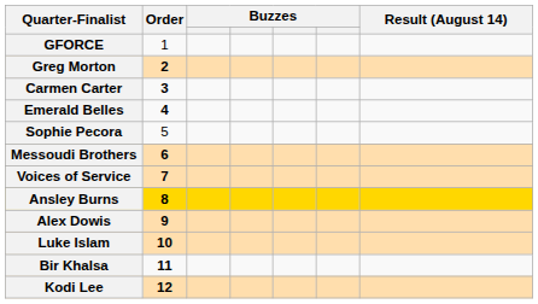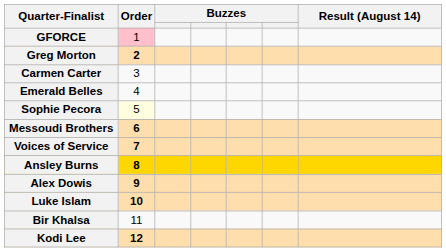 <table class="wikitable plainrowheaders sortable" style="text-align:center;">
 <tr>
 <th scope="col" rowspan="2" class="unsortable" style="width:17em;">Quarter-Finalist</th>
 <th scope="col" rowspan="2" style="width:1em;">Order</th>
 <th scope="col" colspan="4" class="unsortable" style="width:24em;">Buzzes </th>
 <th scope="col" rowspan="2" style="width:25em;">Result (August 14) </th>
 </tr>
 <tr>
 <th scope="col" class="unsortable" style="width:6em;"></th>
 <th scope="col" class="unsortable" style="width:6em;"></th>
 <th scope="col" class="unsortable" style="width:6em;"></th>
 <th scope="col" class="unsortable" style="width:6em;"></th>
 </tr>
 <tr>
 <th scope="row">GFORCE</th>
-<td>1</td>
+<td style="background: pink;">1</td>
 <td style="text-align:center;"></td>
 <td style="text-align:center;"></td>
 <td style="text-align:center;"></td>
 <td style="text-align:center;"></td>
 <td></td>
 </tr>
 <tr style="background:NavajoWhite">
 <th scope="row"><strong>Greg Morton</strong></th>
 <td><strong>2</strong></td>
 <td style="text-align:center;"></td>
 <td style="text-align:center;"></td>
 <td style="text-align:center;"></td>
 <td style="text-align:center;"></td>
 <td><strong></strong></td>
 </tr>
 <tr>
 <th scope="row">Carmen Carter</th>
-<td><strong>3</strong></td>
+<td>3</td>
 <td style="text-align:center;"></td>
 <td style="text-align:center;"></td>
 <td style="text-align:center;"></td>
 <td style="text-align:center;"></td>
 <td></td>
 </tr>
 <tr>
 <th scope="row">Emerald Belles</th>
-<td><strong>4</strong></td>
+<td>4</td>
 <td style="text-align:center;"></td>
 <td style="text-align:center;"></td>
 <td style="text-align:center;"></td>
 <td style="text-align:center;"></td>
 <td></td>
 </tr>
 <tr>
 <th scope="row">Sophie Pecora</th>
-<td>5</td>
+<td style="background: lightyellow;">5</td>
 <td style="text-align:center;"></td>
 <td style="text-align:center;"></td>
 <td style="text-align:center;"></td>
 <td style="text-align:center;"></td>
 <td></td>
 </tr>
 <tr style="background:NavajoWhite">
 <th scope="row"><strong>Messoudi Brothers</strong></th>
 <td><strong>6</strong></td>
 <td style="text-align:center;"></td>
 <td style="text-align:center;"></td>
 <td style="text-align:center;"></td>
 <td style="text-align:center;"></td>
 <td><strong></strong></td>
 </tr>
 <tr style="background:NavajoWhite">
 <th scope="row"><strong>Voices of Service</strong></th>
 <td><strong>7</strong></td>
 <td style="text-align:center;"></td>
 <td style="text-align:center;"></td>
 <td style="text-align:center;"></td>
 <td style="text-align:center;"></td>
 <td><strong></strong></td>
 </tr>
 <tr style="background:gold">
 <th scope="row"><strong>Ansley Burns</strong></th>
 <td><strong>8</strong></td>
 <td style="text-align:center;"></td>
 <td style="text-align:center;"></td>
 <td style="text-align:center;"></td>
 <td style="text-align:center;"></td>
 <td><strong></strong></td>
 </tr>
 <tr style="background:NavajoWhite">
 <th scope="row"><strong>Alex Dowis</strong></th>
 <td><strong>9</strong></td>
 <td style="text-align:center;"></td>
 <td style="text-align:center;"></td>
 <td style="text-align:center;"></td>
 <td style="text-align:center;"></td>
 <td><strong></strong></td>
 </tr>
 <tr style="background:NavajoWhite">
 <th scope="row"><strong>Luke Islam</strong></th>
 <td><strong>10</strong></td>
 <td style="text-align:center;"></td>
 <td style="text-align:center;"></td>
 <td style="text-align:center;"></td>
 <td style="text-align:center;"></td>
 <td><strong></strong></td>
 </tr>
 <tr>
 <th scope="row">Bir Khalsa</th>
-<td><strong>11</strong></td>
+<td>11</td>
 <td style="text-align:center;"></td>
 <td style="text-align:center;"></td>
 <td style="text-align:center;"></td>
 <td style="text-align:center;"></td>
 <td></td>
 </tr>
 <tr style="background:NavajoWhite">
 <th scope="row"><strong>Kodi Lee</strong></th>
 <td><strong>12</strong></td>
 <td style="text-align:center;"></td>
 <td style="text-align:center;"></td>
 <td style="text-align:center;"></td>
 <td style="text-align:center;"></td>
 <td><strong></strong></td>
 </tr>
 </table>
